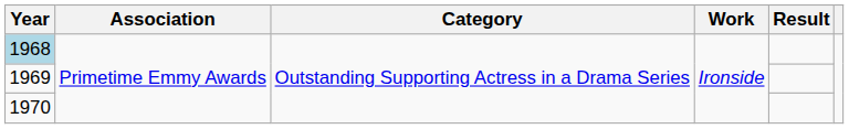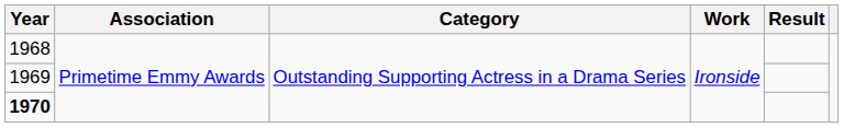 <table class="wikitable sortable">
 <tr>
 <th>Year</th>
 <th>Association</th>
 <th>Category</th>
 <th>Work</th>
 <th>Result</th>
 <th></th>
 </tr>
 <tr>
-<td style="background: lightblue;">1968</td>
+<td>1968</td>
 <td rowspan="3"><a href='#'>Primetime Emmy Awards</a></td>
 <td rowspan="3"><a href='#'>Outstanding Supporting Actress in a Drama Series</a></td>
 <td rowspan="3"><em><a href='#'>Ironside</a></em></td>
 <td></td>
 <td rowspan="3"></td>
 </tr>
 <tr>
 <td>1969</td>
 <td></td>
 </tr>
 <tr>
-<td>1970</td>
+<td><strong>1970</strong></td>
 <td></td>
 </tr>
 </table>
